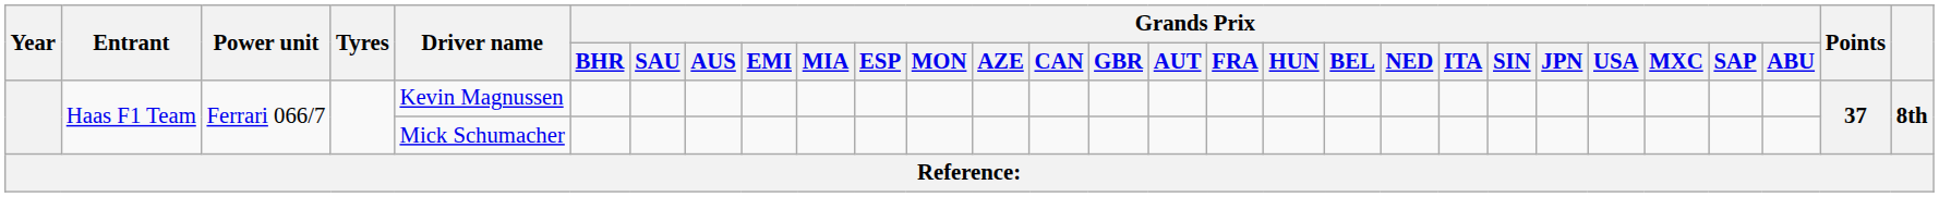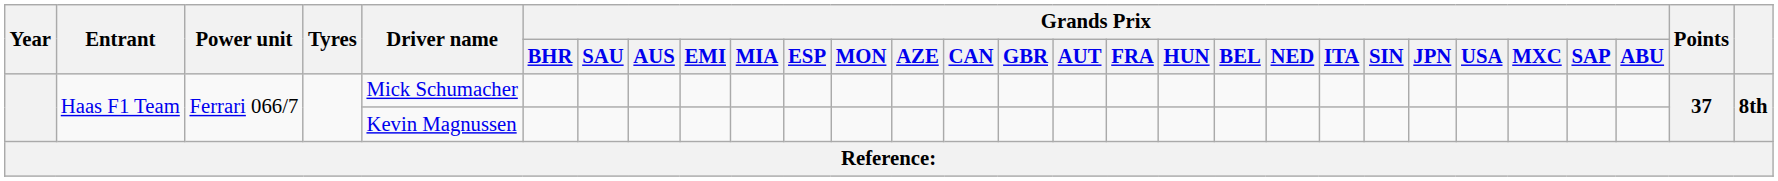 <table class="wikitable" style="text-align:center; font-size:90%">
 <tr>
 <th rowspan="2">Year</th>
 <th rowspan="2">Entrant</th>
 <th rowspan="2">Power unit</th>
 <th rowspan="2">Tyres</th>
 <th rowspan="2">Driver name</th>
 <th colspan="22">Grands Prix</th>
 <th rowspan="2">Points</th>
 <th rowspan="2"></th>
 </tr>
 <tr>
 <th><a href='#'>BHR</a></th>
 <th><a href='#'>SAU</a></th>
 <th><a href='#'>AUS</a></th>
 <th><a href='#'>EMI</a></th>
 <th><a href='#'>MIA</a></th>
 <th><a href='#'>ESP</a></th>
 <th><a href='#'>MON</a></th>
 <th><a href='#'>AZE</a></th>
 <th><a href='#'>CAN</a></th>
 <th><a href='#'>GBR</a></th>
 <th><a href='#'>AUT</a></th>
 <th><a href='#'>FRA</a></th>
 <th><a href='#'>HUN</a></th>
 <th><a href='#'>BEL</a></th>
 <th><a href='#'>NED</a></th>
 <th><a href='#'>ITA</a></th>
 <th><a href='#'>SIN</a></th>
 <th><a href='#'>JPN</a></th>
 <th><a href='#'>USA</a></th>
 <th><a href='#'>MXC</a></th>
 <th><a href='#'>SAP</a></th>
 <th><a href='#'>ABU</a></th>
 </tr>
 <tr>
 <th rowspan="2"></th>
 <td rowspan="2"><a href='#'>Haas F1 Team</a></td>
 <td rowspan="2"><a href='#'>Ferrari</a> 066/7</td>
 <td rowspan="2"></td>
-<td align=left> <a href='#'>Kevin Magnussen</a></td>
+<td align=left> <a href='#'>Mick Schumacher</a></td>
 <td></td>
 <td></td>
 <td></td>
 <td></td>
 <td></td>
 <td></td>
 <td></td>
 <td></td>
 <td></td>
 <td></td>
 <td></td>
 <td></td>
 <td></td>
 <td></td>
 <td></td>
 <td></td>
 <td></td>
 <td></td>
 <td></td>
 <td></td>
 <td></td>
 <td></td>
 <th rowspan="2">37</th>
 <th rowspan="2">8th</th>
 </tr>
 <tr>
-<td align=left> <a href='#'>Mick Schumacher</a></td>
+<td align=left> <a href='#'>Kevin Magnussen</a></td>
 <td></td>
 <td></td>
 <td></td>
 <td></td>
 <td></td>
 <td></td>
 <td></td>
 <td></td>
 <td></td>
 <td></td>
 <td></td>
 <td></td>
 <td></td>
 <td></td>
 <td></td>
 <td></td>
 <td></td>
 <td></td>
 <td></td>
 <td></td>
 <td></td>
 <td></td>
 </tr>
 <tr>
 <th colspan="29">Reference:</th>
 </tr>
 </table>
